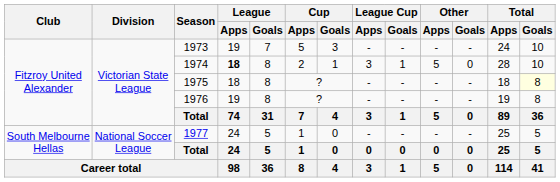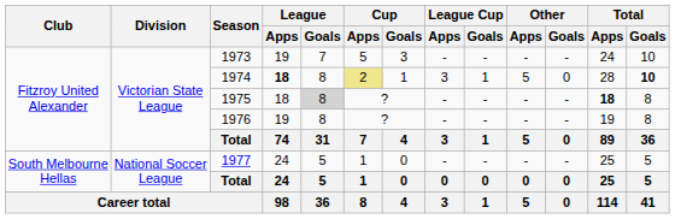 <table class="wikitable" style="text-align: center;">
 <tr>
 <th rowspan="2">Club</th>
 <th rowspan="2">Division</th>
 <th rowspan="2">Season</th>
 <th colspan="2">League</th>
 <th colspan="2">Cup</th>
 <th colspan="2">League Cup</th>
 <th colspan="2">Other</th>
 <th colspan="2">Total</th>
 </tr>
 <tr>
 <th>Apps</th>
 <th>Goals</th>
 <th>Apps</th>
 <th>Goals</th>
 <th>Apps</th>
 <th>Goals</th>
 <th>Apps</th>
 <th>Goals</th>
 <th>Apps</th>
 <th>Goals</th>
 </tr>
 <tr>
 <td rowspan="5"><a href='#'>Fitzroy United<br>Alexander</a></td>
 <td rowspan="5"><a href='#'>Victorian State<br>League</a></td>
 <td>1973</td>
 <td>19</td>
 <td>7</td>
 <td>5</td>
 <td>3</td>
 <td>-</td>
 <td>-</td>
 <td>-</td>
 <td>-</td>
 <td>24</td>
 <td>10</td>
 </tr>
 <tr>
 <td>1974</td>
 <td><strong>18</strong></td>
 <td>8</td>
-<td>2</td>
+<td style="background: khaki;">2</td>
 <td>1</td>
 <td>3</td>
 <td>1</td>
 <td>5</td>
 <td>0</td>
 <td>28</td>
-<td>10</td>
+<td><strong>10</strong></td>
 </tr>
 <tr>
 <td>1975</td>
 <td>18</td>
-<td>8</td>
+<td style="background: lightgrey;">8</td>
 <td colspan="2">?</td>
 <td>-</td>
 <td>-</td>
 <td>-</td>
 <td>-</td>
-<td>18</td>
-<td style="background: lightyellow;">8</td>
+<td><strong>18</strong></td>
+<td>8</td>
 </tr>
 <tr>
 <td>1976</td>
 <td>19</td>
 <td>8</td>
 <td colspan="2">?</td>
 <td>-</td>
 <td>-</td>
 <td>-</td>
 <td>-</td>
 <td>19</td>
 <td>8</td>
 </tr>
 <tr>
 <th>Total</th>
 <th>74</th>
 <th>31</th>
 <th>7</th>
 <th>4</th>
 <th>3</th>
 <th>1</th>
 <th>5</th>
 <th>0</th>
 <th>89</th>
 <th>36</th>
 </tr>
 <tr>
 <td rowspan="2"><a href='#'>South Melbourne<br>Hellas</a></td>
 <td rowspan="2"><a href='#'>National Soccer<br>League</a></td>
 <td><a href='#'>1977</a></td>
 <td>24</td>
 <td>5</td>
 <td>1</td>
 <td>0</td>
 <td>-</td>
 <td>-</td>
 <td>-</td>
 <td>-</td>
 <td>25</td>
 <td>5</td>
 </tr>
 <tr>
 <th>Total</th>
 <th>24</th>
 <th>5</th>
 <th>1</th>
 <th>0</th>
 <th>0</th>
 <th>0</th>
 <th>0</th>
 <th>0</th>
 <th>25</th>
 <th>5</th>
 </tr>
 <tr>
 <th colspan="3">Career total</th>
 <th>98</th>
 <th>36</th>
 <th>8</th>
 <th>4</th>
 <th>3</th>
 <th>1</th>
 <th>5</th>
 <th>0</th>
 <th>114</th>
 <th>41</th>
 </tr>
 </table>
